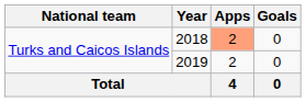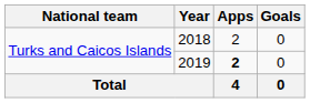 <table class="wikitable" style="text-align:center">
 <tr>
 <th>National team</th>
 <th>Year</th>
 <th>Apps</th>
 <th>Goals</th>
 </tr>
 <tr>
 <td rowspan="2"><a href='#'>Turks and Caicos Islands</a></td>
 <td>2018</td>
-<td style="background: lightsalmon;">2</td>
+<td>2</td>
 <td>0</td>
 </tr>
 <tr>
 <td>2019</td>
-<td>2</td>
+<td><strong>2</strong></td>
 <td>0</td>
 </tr>
 <tr>
 <th colspan=2>Total</th>
 <th>4</th>
 <th>0</th>
 </tr>
 </table>
